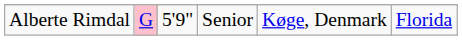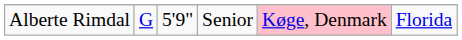 <table class="wikitable sortable" style="text-align: center">
 <tr align=center>
 </tr>
 <tr>
 <td sortname>Alberte Rimdal</td>
-<td style="background: pink;"><a href='#'>G</a></td>
+<td><a href='#'>G</a></td>
 <td>5'9"</td>
 <td>Senior</td>
-<td><a href='#'>Køge</a>, Denmark</td>
+<td style="background: pink;"><a href='#'>Køge</a>, Denmark</td>
 <td><a href='#'>Florida</a></td>
 </tr>
 </table>
